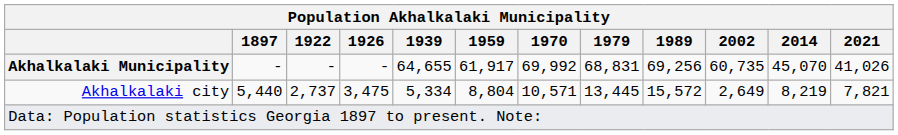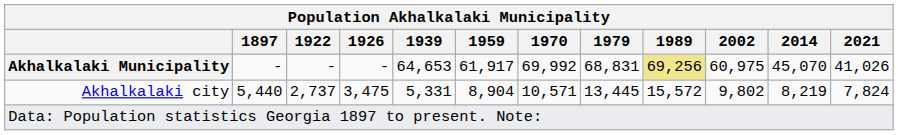 <table class="wikitable" style="text-align:right">
 <tr>
 <th colspan=19>Population Akhalkalaki Municipality</th>
 </tr>
 <tr>
 <th></th>
 <th>1897</th>
 <th>1922</th>
 <th>1926</th>
 <th>1939</th>
 <th>1959</th>
 <th>1970</th>
 <th>1979</th>
 <th>1989</th>
 <th>2002</th>
 <th>2014</th>
 <th>2021</th>
 </tr>
 <tr>
 <th>Akhalkalaki Municipality</th>
 <td>-</td>
 <td>-</td>
 <td>-</td>
-<td>64,655</td>
+<td>64,653</td>
 <td> 61,917</td>
 <td> 69,992</td>
 <td> 68,831</td>
-<td> 69,256</td>
-<td> 60,735</td>
+<td style="background: khaki;"> 69,256</td>
+<td> 60,975</td>
 <td> 45,070</td>
 <td> 41,026</td>
 </tr>
 <tr>
 <td><a href='#'>Akhalkalaki</a> city</td>
 <td>5,440</td>
 <td> 2,737</td>
 <td> 3,475</td>
-<td> 5,334</td>
-<td> 8,804</td>
+<td> 5,331</td>
+<td> 8,904</td>
 <td> 10,571</td>
 <td> 13,445</td>
 <td> 15,572</td>
-<td> 2,649</td>
+<td> 9,802</td>
 <td> 8,219</td>
-<td> 7,821</td>
+<td> 7,824</td>
 </tr>
 <tr>
 <td colspan=15 class="wikitable" style="align:left;text-align:left;background-color:#eaecf0">Data: Population statistics Georgia 1897 to present. Note:</td>
 </tr>
 </table>
